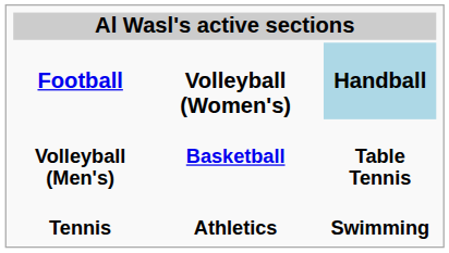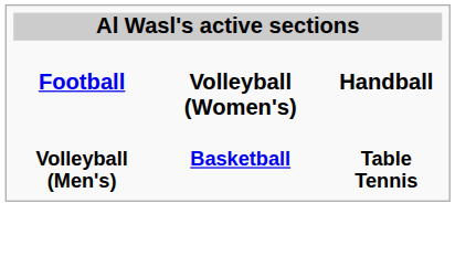 <table class="infobox" style="width: 20em; font-size: 95%em;align: center">
 <tr bgcolor="#cccccc" style="text-align: center">
 <th colspan="3">Al Wasl's active sections</th>
 </tr>
 <tr style="text-align: center">
 <td><br><strong><a href='#'>Football</a></strong></td>
 <td><br><strong>Volleyball (Women's)</strong></td>
-<td style="background: lightblue;"><br><strong>Handball</strong></td>
+<td><br><strong>Handball</strong></td>
 </tr>
 <tr style="font-size: 90%; text-align: center">
 <td><br><strong>Volleyball (Men's)</strong></td>
 <td><br><strong><a href='#'>Basketball</a></strong></td>
 <td><br><strong>Table Tennis</strong></td>
 </tr>
-<tr style="font-size: 90%; text-align: center">
-<td><br><strong>Tennis</strong></td>
-<td><br><strong>Athletics</strong></td>
-<td><br><strong>Swimming</strong></td>
-</tr>
 </table>
